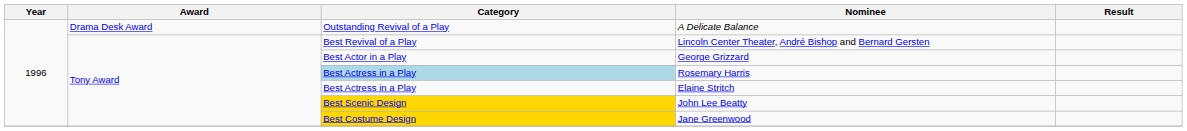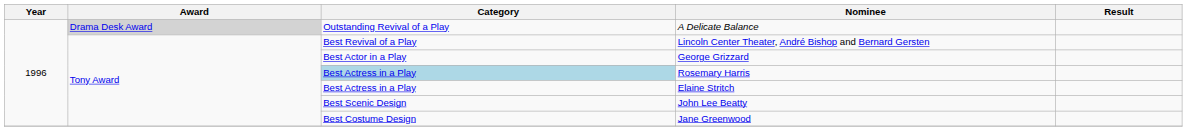 <table class="wikitable unsortable" style="width: 99%;">
 <tr>
 <th scope="col" style="width:5%;">Year</th>
 <th scope="col" style="width:20%;">Award</th>
 <th scope="col" style="width:28%;">Category</th>
 <th scope="col" style="width:30%;">Nominee</th>
 <th scope="col" style="width:10%;">Result</th>
 </tr>
 <tr>
 <td align="center", rowspan=7>1996</td>
-<td><a href='#'>Drama Desk Award</a></td>
+<td style="background: lightgrey;"><a href='#'>Drama Desk Award</a></td>
 <td><a href='#'>Outstanding Revival of a Play</a></td>
 <td><em>A Delicate Balance</em></td>
 <td></td>
 </tr>
 <tr>
 <td rowspan=6><a href='#'>Tony Award</a></td>
 <td><a href='#'>Best Revival of a Play</a></td>
 <td><a href='#'>Lincoln Center Theater</a>, <a href='#'>André Bishop</a> and <a href='#'>Bernard Gersten</a></td>
 <td></td>
 </tr>
 <tr>
 <td><a href='#'>Best Actor in a Play</a></td>
 <td><a href='#'>George Grizzard</a></td>
 <td></td>
 </tr>
 <tr>
 <td style="background: lightblue;"><a href='#'>Best Actress in a Play</a></td>
 <td><a href='#'>Rosemary Harris</a></td>
 <td></td>
 </tr>
 <tr>
 <td><a href='#'>Best Actress in a Play</a></td>
 <td><a href='#'>Elaine Stritch</a></td>
 <td></td>
 </tr>
 <tr>
-<td style="background: gold;"><a href='#'>Best Scenic Design</a></td>
+<td><a href='#'>Best Scenic Design</a></td>
 <td><a href='#'>John Lee Beatty</a></td>
 <td></td>
 </tr>
 <tr>
-<td style="background: gold;"><a href='#'>Best Costume Design</a></td>
+<td><a href='#'>Best Costume Design</a></td>
 <td><a href='#'>Jane Greenwood</a></td>
 <td></td>
 </tr>
 <tr>
 </tr>
 </table>
